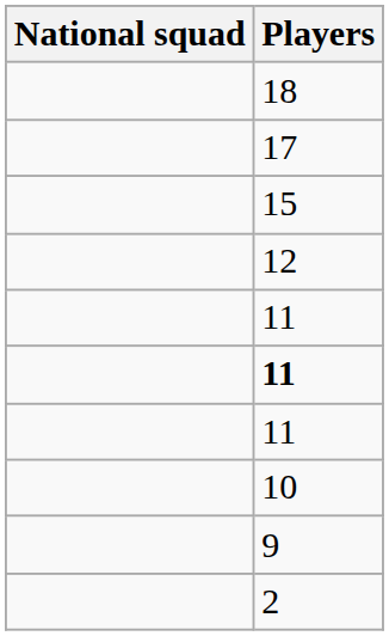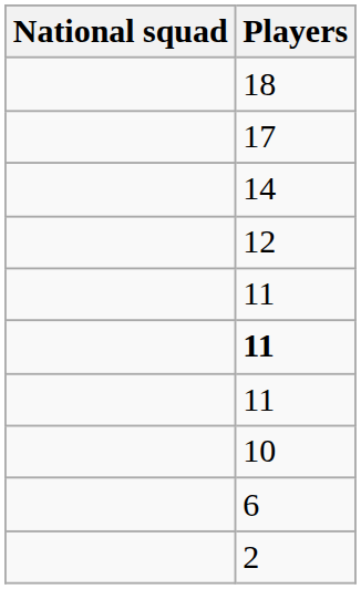 <table class="wikitable sortable">
 <tr>
 <th>National squad</th>
 <th>Players</th>
 </tr>
 <tr>
 <td></td>
 <td>18</td>
 </tr>
 <tr>
 <td></td>
 <td>17</td>
 </tr>
 <tr>
 <td></td>
-<td>15</td>
+<td>14</td>
 </tr>
 <tr>
 <td></td>
 <td>12</td>
 </tr>
 <tr>
 <td></td>
 <td>11</td>
 </tr>
 <tr>
 <td></td>
 <td><strong>11</strong></td>
 </tr>
 <tr>
 <td></td>
 <td>11</td>
 </tr>
 <tr>
 <td></td>
 <td>10</td>
 </tr>
 <tr>
 <td></td>
-<td>9</td>
+<td>6</td>
 </tr>
 <tr>
 <td></td>
 <td>2</td>
 </tr>
 </table>
